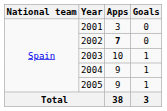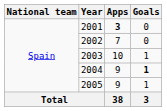 <table class="wikitable" style="text-align:center">
 <tr>
 <th>National team</th>
 <th>Year</th>
 <th>Apps</th>
 <th>Goals</th>
 </tr>
 <tr>
 <td rowspan="5"><a href='#'>Spain</a></td>
 <td>2001</td>
-<td>3</td>
+<td><strong>3</strong></td>
 <td>0</td>
 </tr>
 <tr>
 <td>2002</td>
-<td><strong>7</strong></td>
+<td>7</td>
 <td>0</td>
 </tr>
 <tr>
 <td>2003</td>
 <td>10</td>
 <td>1</td>
 </tr>
 <tr>
 <td>2004</td>
 <td>9</td>
-<td>1</td>
+<td><strong>1</strong></td>
 </tr>
 <tr>
 <td>2005</td>
 <td>9</td>
 <td>1</td>
 </tr>
 <tr>
 <th colspan="2">Total</th>
 <th>38</th>
 <th>3</th>
 </tr>
 </table>
